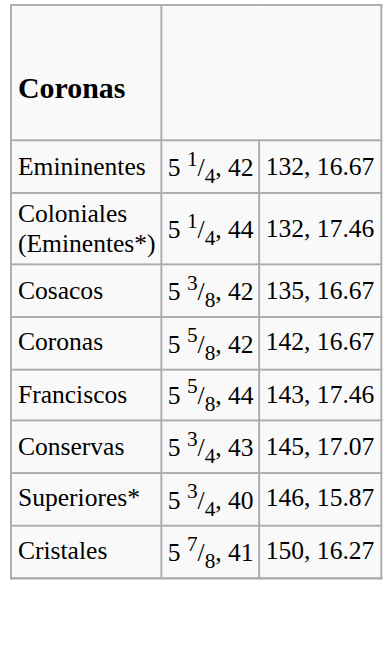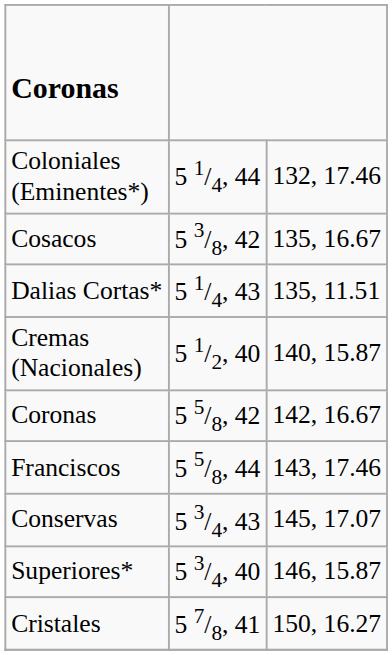 <table class="wikitable" style="font-size: 85%; margin:1em auto;">
 <tr>
 <td><br><h3>Coronas</h3></td>
-</tr>
-<tr>
-<td>Emininentes</td>
-<td>5 <sup>1</sup>/<sub>4</sub>, 42</td>
-<td>132, 16.67</td>
 </tr>
 <tr>
 <td>Coloniales<br>(Eminentes*)</td>
 <td>5 <sup>1</sup>/<sub>4</sub>, 44</td>
 <td>132, 17.46</td>
 </tr>
 <tr>
 <td>Cosacos</td>
 <td>5 <sup>3</sup>/<sub>8</sub>, 42</td>
 <td>135, 16.67</td>
+</tr>
+<tr>
+<td>Dalias Cortas*</td>
+<td>5 <sup>1</sup>/<sub>4</sub>, 43</td>
+<td>135, 11.51</td>
+</tr>
+<tr>
+<td>Cremas<br>(Nacionales)</td>
+<td>5 <sup>1</sup>/<sub>2</sub>, 40</td>
+<td>140, 15.87</td>
 </tr>
 <tr>
 <td>Coronas</td>
 <td>5 <sup>5</sup>/<sub>8</sub>, 42</td>
 <td>142, 16.67</td>
 </tr>
 <tr>
 <td>Franciscos</td>
 <td>5 <sup>5</sup>/<sub>8</sub>, 44</td>
 <td>143, 17.46</td>
 </tr>
 <tr>
 <td>Conservas</td>
 <td>5 <sup>3</sup>/<sub>4</sub>, 43</td>
 <td>145, 17.07</td>
 </tr>
 <tr>
 <td>Superiores*</td>
 <td>5 <sup>3</sup>/<sub>4</sub>, 40</td>
 <td>146, 15.87</td>
 </tr>
 <tr>
 <td>Cristales</td>
 <td>5 <sup>7</sup>/<sub>8</sub>, 41</td>
 <td>150, 16.27</td>
 </tr>
 <tr>
 </tr>
 </table>
